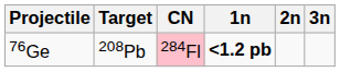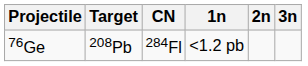 <table class="wikitable">
 <tr>
 <th>Projectile</th>
 <th>Target</th>
 <th>CN</th>
 <th>1n</th>
 <th>2n</th>
 <th>3n</th>
 </tr>
 <tr>
 <td><sup>76</sup>Ge</td>
 <td><sup>208</sup>Pb</td>
-<td style="background: pink;"><sup>284</sup>Fl</td>
-<td><strong><1.2 pb</strong></td>
+<td><sup>284</sup>Fl</td>
+<td><1.2 pb</td>
 <td></td>
 </tr>
 </table>
